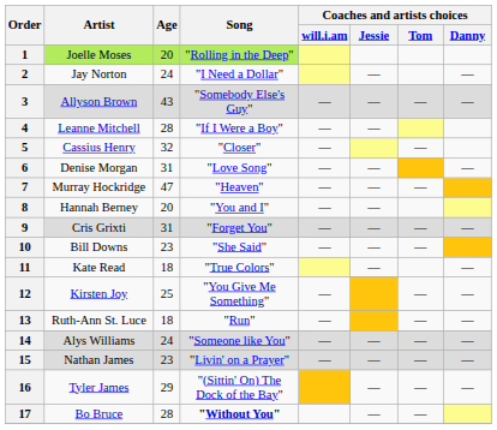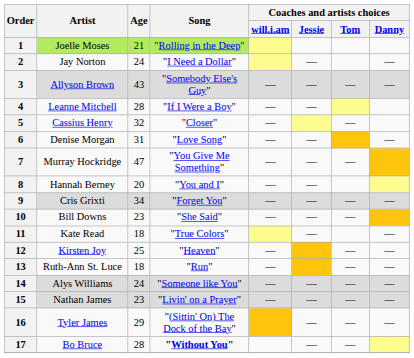 <table class="wikitable" style="text-align:center; width:100%;">
 <tr>
 <th scope="col" rowspan="2" width="05%">Order</th>
 <th scope="col" rowspan="2" width="24%">Artist</th>
 <th scope="col" rowspan="2" width="05%">Age</th>
 <th scope="col" rowspan="2" width="26%">Song</th>
 <th colspan="4" width="40%">Coaches and artists choices</th>
 </tr>
 <tr>
 <th width="10%"><a href='#'>will.i.am</a></th>
 <th width="10%"><a href='#'>Jessie</a></th>
 <th width="10%"><a href='#'>Tom</a></th>
 <th width="10%"><a href='#'>Danny</a></th>
 </tr>
 <tr>
 <th scope="col">1</th>
 <td style="background-color:#B2EC5D;">Joelle Moses</td>
-<td style="background-color:#B2EC5D;">20</td>
+<td style="background-color:#B2EC5D;">21</td>
 <td style="background-color:#B2EC5D;">"<a href='#'>Rolling in the Deep</a>"</td>
 <td style="background:#fdfc8f;text-align:center;"><strong></strong></td>
 <td><strong></strong></td>
 <td><strong></strong></td>
 <td><strong></strong></td>
 </tr>
 <tr>
 <th scope="col">2</th>
 <td>Jay Norton</td>
 <td>24</td>
 <td>"<a href='#'>I Need a Dollar</a>"</td>
 <td style="background:#fdfc8f;text-align:center;"><strong></strong></td>
 <td>—</td>
 <td><strong></strong></td>
 <td>—</td>
 </tr>
 <tr style="background:#DCDCDC">
 <th scope="col">3</th>
 <td><a href='#'>Allyson Brown</a></td>
 <td>43</td>
 <td>"<a href='#'>Somebody Else's Guy</a>"</td>
 <td>—</td>
 <td>—</td>
 <td>—</td>
 <td>—</td>
 </tr>
 <tr>
 <th scope="col">4</th>
 <td><a href='#'>Leanne Mitchell</a></td>
 <td>28</td>
 <td>"<a href='#'>If I Were a Boy</a>"</td>
 <td>—</td>
 <td>—</td>
 <td style="background:#fdfc8f;text-align:center;"><strong></strong></td>
 <td><strong></strong></td>
 </tr>
 <tr>
 <th scope="col">5</th>
 <td><a href='#'>Cassius Henry</a></td>
 <td>32</td>
 <td>"<a href='#'>Closer</a>"</td>
 <td>—</td>
 <td style="background:#fdfc8f;text-align:center;"><strong></strong></td>
 <td>—</td>
 <td><strong></strong></td>
 </tr>
 <tr>
 <th scope="col">6</th>
 <td>Denise Morgan</td>
 <td>31</td>
 <td>"<a href='#'>Love Song</a>"</td>
 <td>—</td>
 <td>—</td>
 <td style="background:#FFC40C;text-align:center;"><strong></strong></td>
 <td>—</td>
 </tr>
 <tr>
 <th scope="col">7</th>
 <td>Murray Hockridge</td>
 <td>47</td>
-<td>"<a href='#'>Heaven</a>"</td>
+<td>"<a href='#'>You Give Me Something</a>"</td>
 <td>—</td>
 <td>—</td>
 <td>—</td>
 <td style="background:#FFC40C;text-align:center;"><strong></strong></td>
 </tr>
 <tr>
 <th scope="col">8</th>
 <td>Hannah Berney</td>
 <td>20</td>
 <td>"<a href='#'>You and I</a>"</td>
 <td>—</td>
 <td>—</td>
 <td><strong></strong></td>
 <td style="background:#fdfc8f;text-align:center;"><strong></strong></td>
 </tr>
 <tr style="background:#DCDCDC">
 <th scope="col">9</th>
 <td>Cris Grixti</td>
-<td>31</td>
+<td>34</td>
 <td>"<a href='#'>Forget You</a>"</td>
 <td>—</td>
 <td>—</td>
 <td>—</td>
 <td>—</td>
 </tr>
 <tr>
 <th scope="col">10</th>
 <td>Bill Downs</td>
 <td>23</td>
 <td>"<a href='#'>She Said</a>"</td>
 <td>—</td>
 <td>—</td>
 <td>—</td>
 <td style="background:#FFC40C;text-align:center;"><strong></strong></td>
 </tr>
 <tr>
 <th scope="col">11</th>
 <td>Kate Read</td>
 <td>18</td>
 <td>"<a href='#'>True Colors</a>"</td>
 <td style="background:#fdfc8f;text-align:center;"><strong></strong></td>
 <td>—</td>
 <td><strong></strong></td>
 <td>—</td>
 </tr>
 <tr>
 <th scope="col">12</th>
 <td><a href='#'>Kirsten Joy</a></td>
 <td>25</td>
-<td>"<a href='#'>You Give Me Something</a>"</td>
+<td>"<a href='#'>Heaven</a>"</td>
 <td>—</td>
 <td style="background:#FFC40C;text-align:center;"><strong></strong></td>
 <td>—</td>
 <td>—</td>
 </tr>
 <tr>
 <th scope="col">13</th>
 <td>Ruth-Ann St. Luce</td>
 <td>18</td>
 <td>"<a href='#'>Run</a>"</td>
 <td>—</td>
 <td style="background:#FFC40C;text-align:center;"><strong></strong></td>
 <td>—</td>
 <td>—</td>
 </tr>
 <tr style="background:#DCDCDC">
 <th scope="col">14</th>
 <td>Alys Williams</td>
 <td>24</td>
 <td>"<a href='#'>Someone like You</a>"</td>
 <td>—</td>
 <td>—</td>
 <td>—</td>
 <td>—</td>
 </tr>
 <tr style="background:#DCDCDC">
 <th scope="col">15</th>
 <td>Nathan James</td>
 <td>23</td>
 <td>"<a href='#'>Livin' on a Prayer</a>"</td>
 <td>—</td>
 <td>—</td>
 <td>—</td>
 <td>—</td>
 </tr>
 <tr>
 <th scope="col">16</th>
 <td><a href='#'>Tyler James</a></td>
 <td>29</td>
 <td>"<a href='#'>(Sittin' On) The Dock of the Bay</a>"</td>
 <td style="background:#FFC40C;text-align:center;"><strong></strong></td>
 <td>—</td>
 <td>—</td>
 <td>—</td>
 </tr>
 <tr>
 <th scope="col">17</th>
 <td><a href='#'>Bo Bruce</a></td>
 <td>28</td>
 <td><strong>"<a href='#'>Without You</a>"</strong></td>
 <td><strong></strong></td>
 <td>—</td>
 <td>—</td>
 <td style="background:#fdfc8f;text-align:center;"><strong></strong></td>
 </tr>
 <tr>
 </tr>
 </table>
